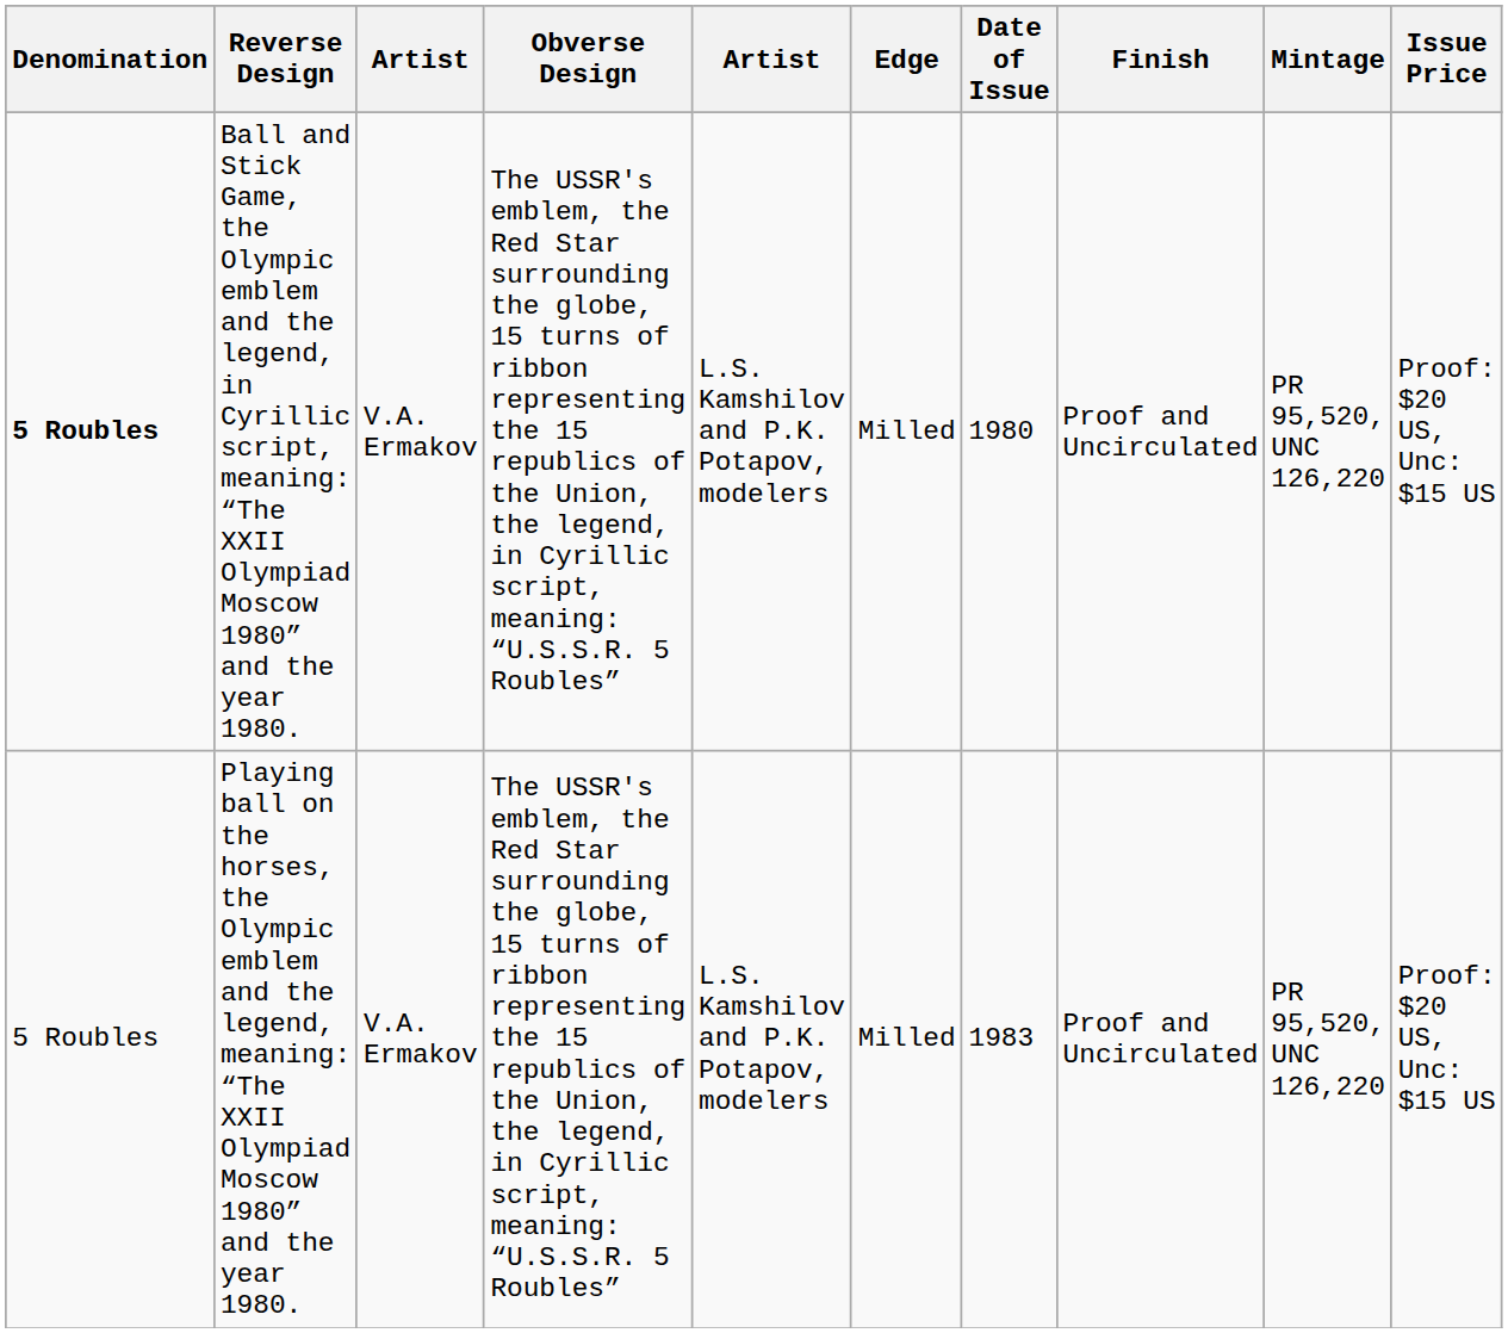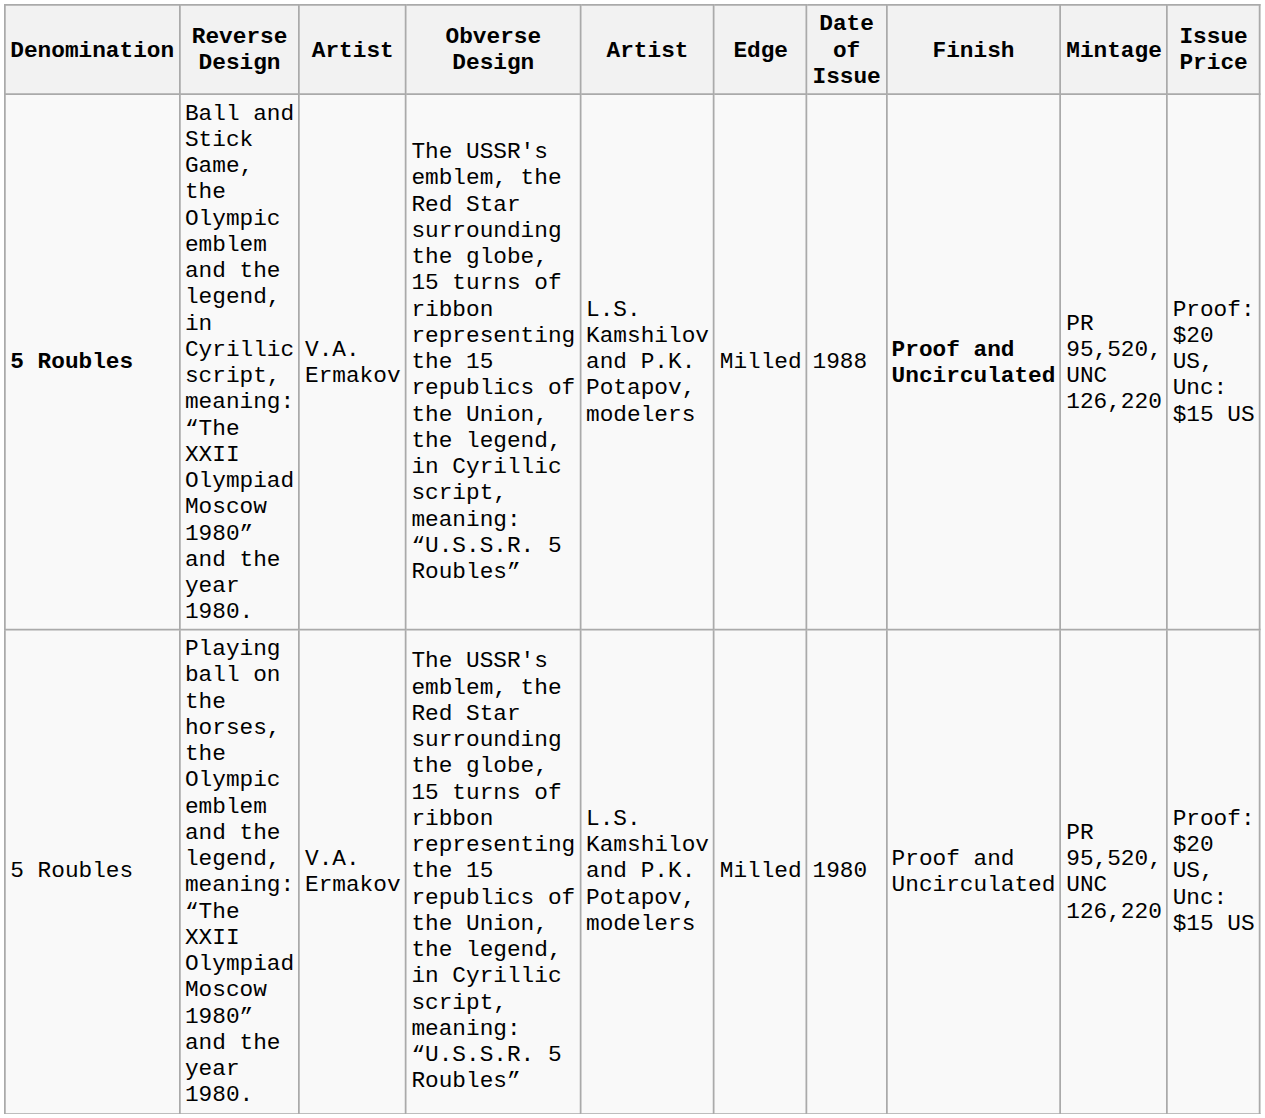 <table class="wikitable">
 <tr>
 <th>Denomination</th>
 <th>Reverse Design</th>
 <th>Artist</th>
 <th>Obverse Design</th>
 <th>Artist</th>
 <th>Edge</th>
 <th>Date of Issue</th>
 <th>Finish</th>
 <th>Mintage</th>
 <th>Issue Price</th>
 </tr>
 <tr>
 <td><strong>5 Roubles</strong></td>
 <td>Ball and Stick Game, the Olympic emblem and the legend, in Cyrillic script, meaning: “The XXII Olympiad Moscow 1980” and the year 1980.</td>
 <td>V.A. Ermakov</td>
 <td>The USSR's emblem, the Red Star surrounding the globe, 15 turns of ribbon representing the 15 republics of the Union, the legend, in Cyrillic script, meaning: “U.S.S.R. 5 Roubles”</td>
 <td>L.S. Kamshilov and P.K. Potapov, modelers</td>
 <td>Milled</td>
-<td>1980</td>
-<td>Proof and Uncirculated</td>
+<td>1988</td>
+<td><strong>Proof and Uncirculated</strong></td>
 <td>PR 95,520, UNC 126,220</td>
 <td>Proof: $20 US, Unc: $15 US</td>
 </tr>
 <tr>
 <td>5 Roubles</td>
 <td>Playing ball on the horses, the Olympic emblem and the legend, meaning: “The XXII Olympiad Moscow 1980” and the year 1980.</td>
 <td>V.A. Ermakov</td>
 <td>The USSR's emblem, the Red Star surrounding the globe, 15 turns of ribbon representing the 15 republics of the Union, the legend, in Cyrillic script, meaning: “U.S.S.R. 5 Roubles”</td>
 <td>L.S. Kamshilov and P.K. Potapov, modelers</td>
 <td>Milled</td>
-<td>1983</td>
+<td>1980</td>
 <td>Proof and Uncirculated</td>
 <td>PR 95,520, UNC 126,220</td>
 <td>Proof: $20 US, Unc: $15 US</td>
 </tr>
 <tr>
 </tr>
 </table>
